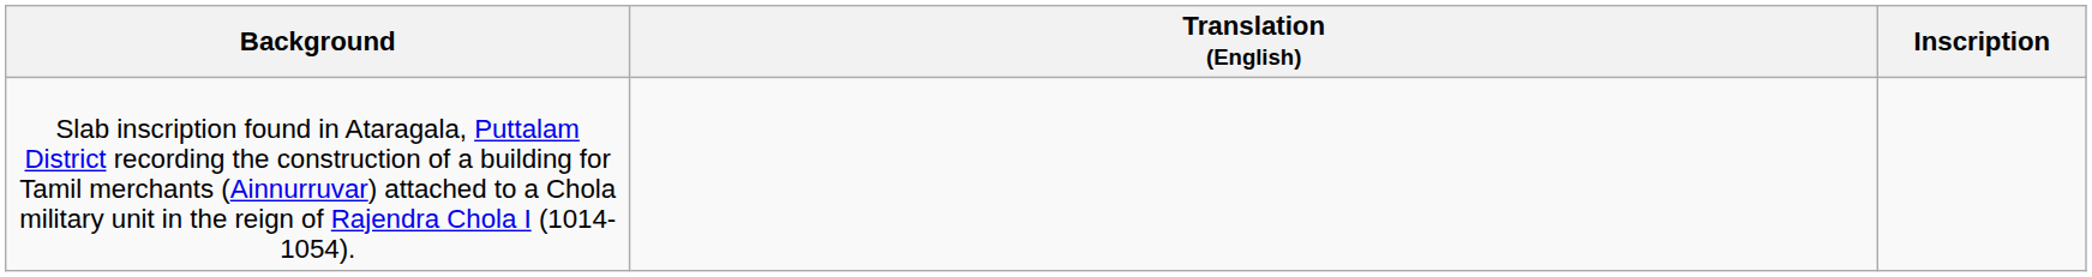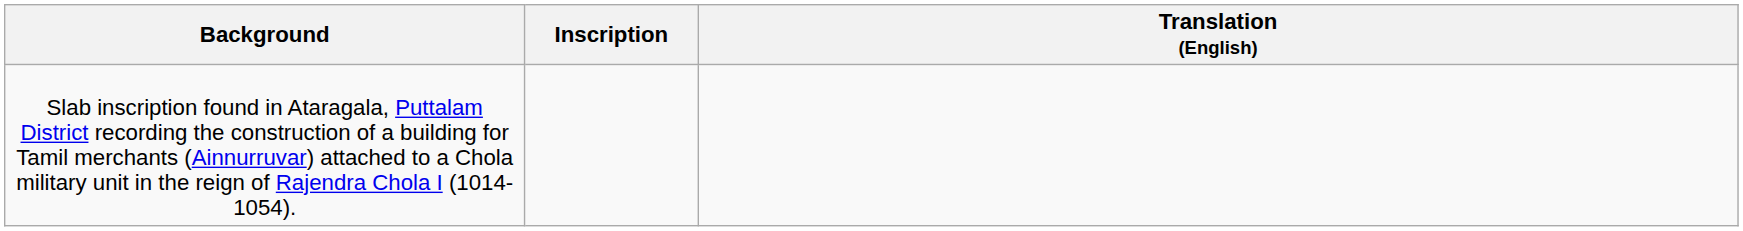 <table class="wikitable centre">
 <tr>
 <th scope="col" align=left>Background<br></th>
+<th>Inscription<br></th>
 <th>Translation<br><small>(English)</small></th>
-<th>Inscription<br></th>
 </tr>
 <tr>
 <td align=center width="30%"><br>Slab inscription found in Ataragala, <a href='#'>Puttalam District</a> recording the construction of a building for Tamil merchants (<a href='#'>Ainnurruvar</a>) attached to a Chola military unit in the reign of <a href='#'>Rajendra Chola I</a> (1014-1054).</td>
+<td align=center width="10%"><br></td>
 <td align=left><br></td>
-<td align=center width="10%"><br></td>
 </tr>
 </table>
